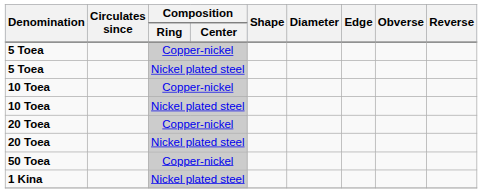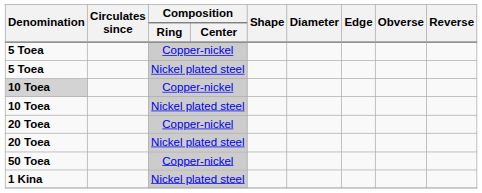 <table class="wikitable" style="margin: 1em auto;">
 <tr style="text-align:center; border-bottom:2px solid gray;" bgcolor="lightsteelblue">
 <th rowspan="2">Denomination</th>
 <th rowspan="2">Circulates <br>since</th>
 <th colspan="2">Composition</th>
 <th rowspan="2">Shape</th>
 <th rowspan="2">Diameter</th>
 <th rowspan="2">Edge</th>
 <th rowspan="2">Obverse</th>
 <th rowspan="2">Reverse</th>
 </tr>
 <tr style="text-align:center; border-bottom:2px solid gray;" bgcolor="lightsteelblue">
 <th>Ring</th>
 <th>Center</th>
 </tr>
 <tr bgcolor="#efefef">
 </tr>
 <tr>
 <td><strong>5 Toea</strong></td>
 <td></td>
 <td colspan="2" align="center" bgcolor="#CCCCCC"><a href='#'>Copper-nickel</a></td>
 <td></td>
 <td></td>
 <td></td>
 <td></td>
 <td></td>
 </tr>
 <tr>
 <td><strong>5 Toea</strong></td>
 <td></td>
 <td colspan="2" align="center" bgcolor="#CCCCCC"><a href='#'>Nickel plated steel</a></td>
 <td></td>
 <td></td>
 <td></td>
 <td></td>
 <td></td>
 </tr>
 <tr>
-<td><strong>10 Toea</strong></td>
+<td style="background: lightgrey;"><strong>10 Toea</strong></td>
 <td></td>
 <td colspan="2" align="center" bgcolor="#CCCCCC"><a href='#'>Copper-nickel</a></td>
 <td></td>
 <td></td>
 <td></td>
 <td></td>
 <td></td>
 </tr>
 <tr>
 <td><strong>10 Toea</strong></td>
 <td></td>
 <td colspan="2" align="center" bgcolor="#CCCCCC"><a href='#'>Nickel plated steel</a></td>
 <td></td>
 <td></td>
 <td></td>
 <td></td>
 <td></td>
 </tr>
 <tr>
 <td><strong>20 Toea</strong></td>
 <td></td>
 <td colspan="2" align="center" bgcolor="#CCCCCC"><a href='#'>Copper-nickel</a></td>
 <td></td>
 <td></td>
 <td></td>
 <td></td>
 <td></td>
 </tr>
 <tr>
 <td><strong>20 Toea</strong></td>
 <td></td>
 <td colspan="2" align="center" bgcolor="#CCCCCC"><a href='#'>Nickel plated steel</a></td>
 <td></td>
 <td></td>
 <td></td>
 <td></td>
 <td></td>
 </tr>
 <tr>
 <td><strong>50 Toea</strong></td>
 <td></td>
 <td colspan="2" align="center" bgcolor="#CCCCCC"><a href='#'>Copper-nickel</a></td>
 <td></td>
 <td></td>
 <td></td>
 <td></td>
 <td></td>
 </tr>
 <tr>
 <td><strong>1 Kina</strong></td>
 <td></td>
 <td colspan="2" align="center" bgcolor="#CCCCCC"><a href='#'>Nickel plated steel</a></td>
 <td></td>
 <td></td>
 <td></td>
 <td></td>
 <td></td>
 </tr>
 <tr>
 </tr>
 </table>
